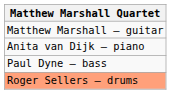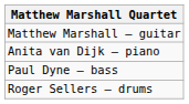 <table class="wikitable">
 <tr>
 <th>Matthew Marshall Quartet</th>
 </tr>
 <tr>
 <td>Matthew Marshall – guitar</td>
 </tr>
 <tr>
 <td>Anita van Dijk – piano</td>
 </tr>
 <tr>
 <td>Paul Dyne – bass</td>
 </tr>
 <tr>
-<td style="background: lightsalmon;">Roger Sellers – drums</td>
+<td>Roger Sellers – drums</td>
 </tr>
 </table>
